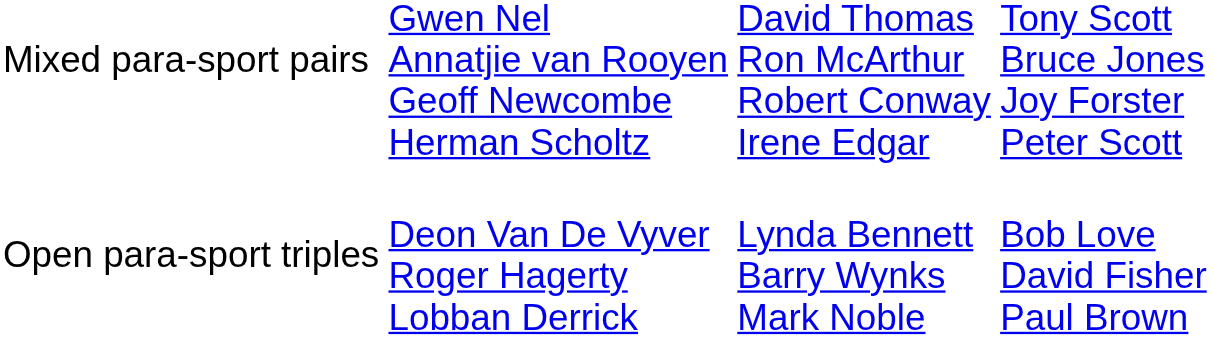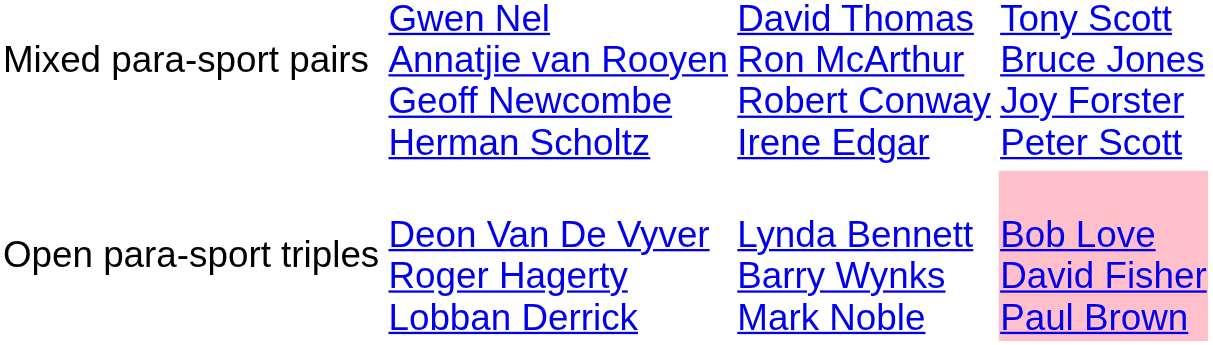 <table>
 <tr>
 <td>Mixed para-sport pairs<br></td>
 <td><br><a href='#'>Gwen Nel</a><br><a href='#'>Annatjie van Rooyen</a><br><a href='#'>Geoff Newcombe</a><br><a href='#'>Herman Scholtz</a></td>
 <td><br><a href='#'>David Thomas</a><br><a href='#'>Ron McArthur</a><br><a href='#'>Robert Conway</a><br><a href='#'>Irene Edgar</a></td>
 <td><br><a href='#'>Tony Scott</a><br><a href='#'>Bruce Jones</a><br><a href='#'>Joy Forster</a><br><a href='#'>Peter Scott</a></td>
 </tr>
 <tr>
 <td>Open para-sport triples<br></td>
 <td><br><a href='#'>Deon Van De Vyver</a><br><a href='#'>Roger Hagerty</a><br><a href='#'>Lobban Derrick</a></td>
 <td><br><a href='#'>Lynda Bennett</a><br><a href='#'>Barry Wynks</a><br><a href='#'>Mark Noble</a></td>
-<td><br><a href='#'>Bob Love</a><br><a href='#'>David Fisher</a><br><a href='#'>Paul Brown</a></td>
+<td style="background: pink;"><br><a href='#'>Bob Love</a><br><a href='#'>David Fisher</a><br><a href='#'>Paul Brown</a></td>
 </tr>
 </table>
